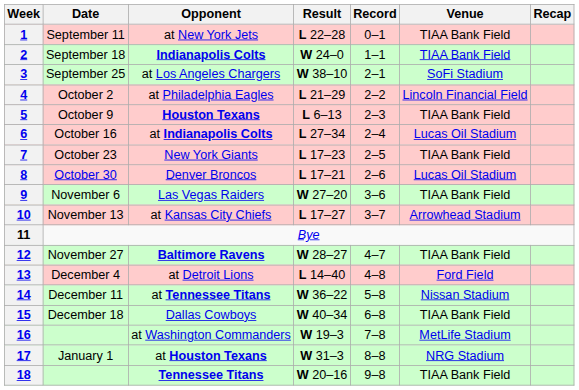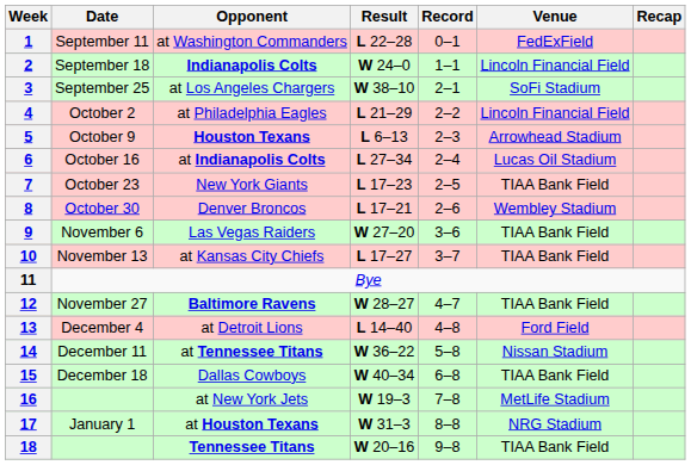 <table class="wikitable" style="text-align:center">
 <tr>
 <th>Week</th>
 <th>Date</th>
 <th>Opponent</th>
 <th>Result</th>
 <th>Record</th>
 <th>Venue</th>
 <th>Recap</th>
 </tr>
 <tr style="background:#fcc">
 <th><a href='#'>1</a></th>
 <td>September 11</td>
-<td>at <a href='#'>New York Jets</a></td>
+<td>at <a href='#'>Washington Commanders</a></td>
 <td><strong>L</strong> 22–28</td>
 <td>0–1</td>
-<td>TIAA Bank Field</td>
+<td><a href='#'>FedExField</a></td>
 <td></td>
 </tr>
 <tr style="background:#cfc">
 <th><a href='#'>2</a></th>
 <td>September 18</td>
 <td><strong><a href='#'>Indianapolis Colts</a></strong></td>
 <td><strong>W</strong> 24–0</td>
 <td>1–1</td>
-<td><a href='#'>TIAA Bank Field</a></td>
+<td><a href='#'>Lincoln Financial Field</a></td>
 <td></td>
 </tr>
 <tr style="background:#cfc">
 <th><a href='#'>3</a></th>
 <td>September 25</td>
 <td>at <a href='#'>Los Angeles Chargers</a></td>
 <td><strong>W</strong> 38–10</td>
 <td>2–1</td>
 <td><a href='#'>SoFi Stadium</a></td>
 <td></td>
 </tr>
 <tr style="background:#fcc">
 <th><a href='#'>4</a></th>
 <td>October 2</td>
 <td>at <a href='#'>Philadelphia Eagles</a></td>
 <td><strong>L</strong> 21–29</td>
 <td>2–2</td>
 <td><a href='#'>Lincoln Financial Field</a></td>
 <td></td>
 </tr>
 <tr style="background:#fcc">
 <th><a href='#'>5</a></th>
 <td>October 9</td>
 <td><strong><a href='#'>Houston Texans</a></strong></td>
 <td><strong>L</strong> 6–13</td>
 <td>2–3</td>
-<td>TIAA Bank Field</td>
+<td><a href='#'>Arrowhead Stadium</a></td>
 <td></td>
 </tr>
 <tr style="background:#fcc">
 <th><a href='#'>6</a></th>
 <td>October 16</td>
 <td>at <strong><a href='#'>Indianapolis Colts</a></strong></td>
 <td><strong>L</strong> 27–34</td>
 <td>2–4</td>
 <td><a href='#'>Lucas Oil Stadium</a></td>
 <td></td>
 </tr>
 <tr style="background:#fcc">
 <th><a href='#'>7</a></th>
 <td>October 23</td>
 <td><a href='#'>New York Giants</a></td>
 <td><strong>L</strong> 17–23</td>
 <td>2–5</td>
 <td>TIAA Bank Field</td>
 <td></td>
 </tr>
 <tr style="background:#fcc">
 <th><a href='#'>8</a></th>
 <td><a href='#'>October 30</a></td>
 <td><a href='#'>Denver Broncos</a></td>
 <td><strong>L</strong> 17–21</td>
 <td>2–6</td>
-<td><a href='#'>Lucas Oil Stadium</a></td>
+<td> <a href='#'>Wembley Stadium</a> </td>
 <td></td>
 </tr>
 <tr style="background:#cfc">
 <th><a href='#'>9</a></th>
 <td>November 6</td>
 <td><a href='#'>Las Vegas Raiders</a></td>
 <td><strong>W</strong> 27–20</td>
 <td>3–6</td>
 <td>TIAA Bank Field</td>
 <td></td>
 </tr>
 <tr style="background:#fcc">
 <th><a href='#'>10</a></th>
 <td>November 13</td>
 <td>at <a href='#'>Kansas City Chiefs</a></td>
 <td><strong>L</strong> 17–27</td>
 <td>3–7</td>
-<td><a href='#'>Arrowhead Stadium</a></td>
+<td>TIAA Bank Field</td>
 <td></td>
 </tr>
 <tr>
 <th>11</th>
 <td colspan="6"><em><a href='#'>Bye</a></em></td>
 </tr>
 <tr style="background:#cfc">
 <th><a href='#'>12</a></th>
 <td>November 27</td>
 <td><strong><a href='#'>Baltimore Ravens</a></strong></td>
 <td><strong>W</strong> 28–27</td>
 <td>4–7</td>
 <td>TIAA Bank Field</td>
 <td></td>
 </tr>
 <tr style="background:#fcc">
 <th><a href='#'>13</a></th>
 <td>December 4</td>
 <td>at <a href='#'>Detroit Lions</a></td>
 <td><strong>L</strong> 14–40</td>
 <td>4–8</td>
 <td><a href='#'>Ford Field</a></td>
 <td></td>
 </tr>
 <tr style="background:#cfc">
 <th><a href='#'>14</a></th>
 <td>December 11</td>
 <td>at <strong><a href='#'>Tennessee Titans</a></strong></td>
 <td><strong>W</strong> 36–22</td>
 <td>5–8</td>
 <td><a href='#'>Nissan Stadium</a></td>
 <td></td>
 </tr>
 <tr style="background:#cfc">
 <th><a href='#'>15</a></th>
 <td>December 18</td>
 <td><a href='#'>Dallas Cowboys</a></td>
 <td><strong>W</strong> 40–34 </td>
 <td>6–8</td>
 <td>TIAA Bank Field</td>
 <td></td>
 </tr>
 <tr style="background:#cfc">
 <th><a href='#'>16</a></th>
 <td></td>
-<td>at <a href='#'>Washington Commanders</a></td>
+<td>at <a href='#'>New York Jets</a></td>
 <td><strong>W</strong> 19–3</td>
 <td>7–8</td>
 <td><a href='#'>MetLife Stadium</a></td>
 <td></td>
 </tr>
 <tr style="background:#cfc">
 <th><a href='#'>17</a></th>
 <td>January 1</td>
 <td>at <strong><a href='#'>Houston Texans</a></strong></td>
 <td><strong>W</strong> 31–3</td>
 <td>8–8</td>
 <td><a href='#'>NRG Stadium</a></td>
 <td></td>
 </tr>
 <tr style="background:#cfc">
 <th><a href='#'>18</a></th>
 <td></td>
 <td><strong><a href='#'>Tennessee Titans</a></strong></td>
 <td><strong>W</strong> 20–16</td>
 <td>9–8</td>
 <td>TIAA Bank Field</td>
 <td></td>
 </tr>
 </table>
